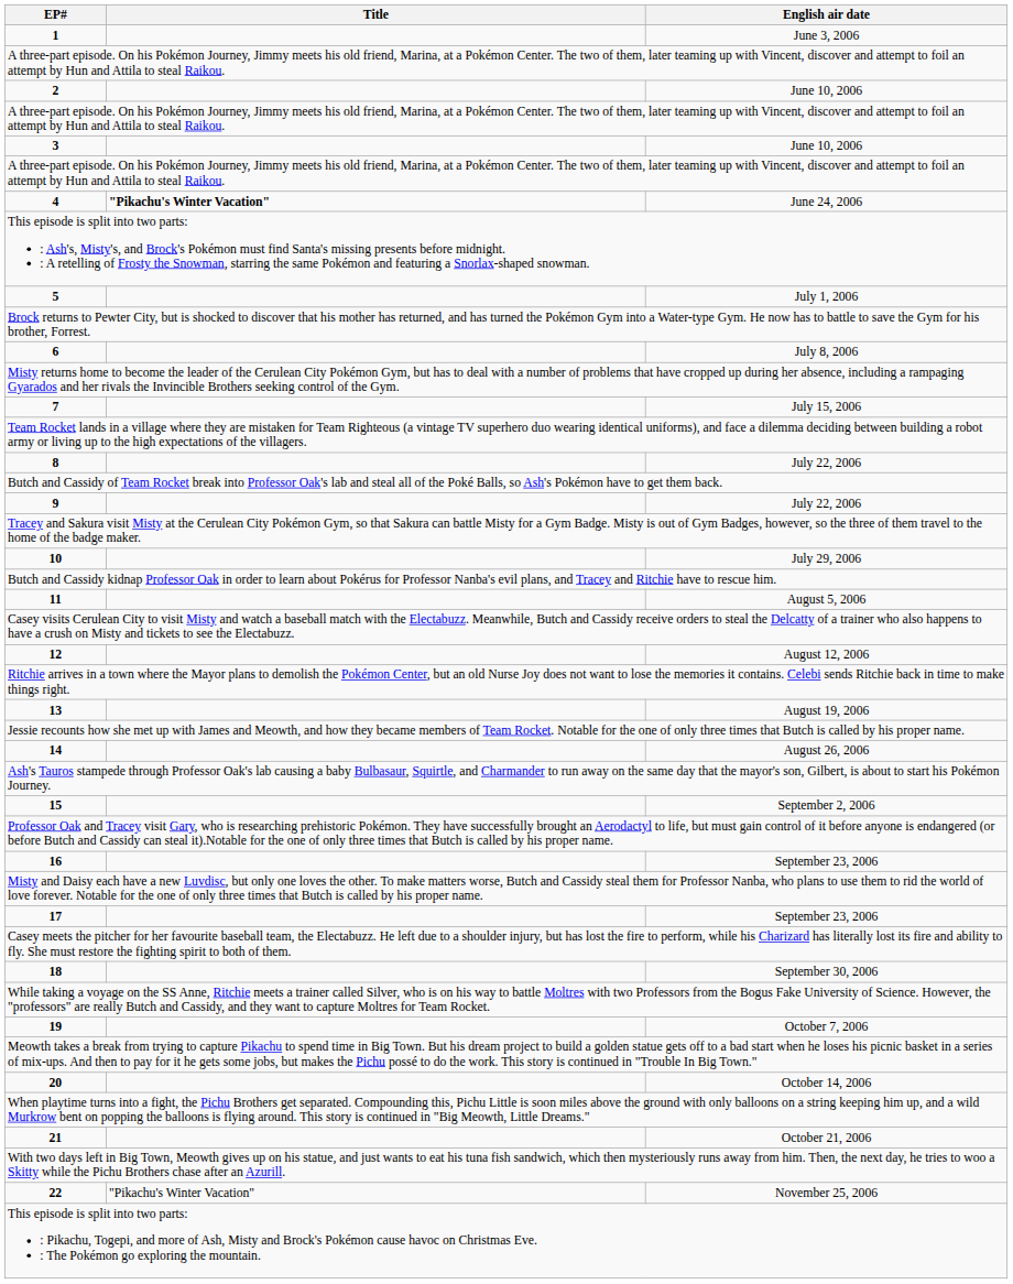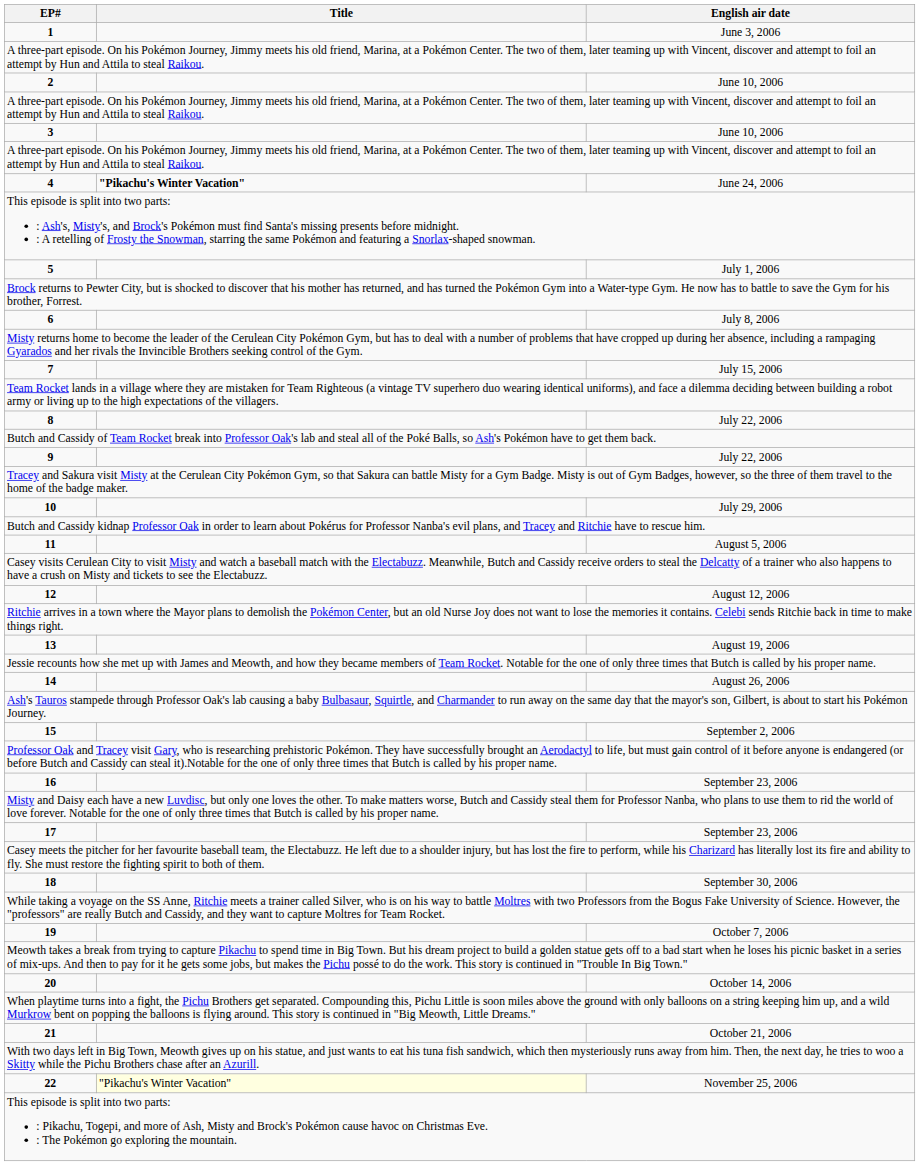 <table class="wikitable">
 <tr>
 <th>EP#</th>
 <th>Title</th>
 <th>English air date</th>
 </tr>
 <tr>
 <td style="text-align:center;"><strong>1</strong></td>
 <td></td>
 <td style="text-align:center;">June 3, 2006</td>
 </tr>
 <tr>
 <td colspan="3">A three-part episode. On his Pokémon Journey, Jimmy meets his old friend, Marina, at a Pokémon Center. The two of them, later teaming up with Vincent, discover and attempt to foil an attempt by Hun and Attila to steal <a href='#'>Raikou</a>.</td>
 </tr>
 <tr>
 <td style="text-align:center;"><strong>2</strong></td>
 <td></td>
 <td style="text-align:center;">June 10, 2006</td>
 </tr>
 <tr>
 <td colspan="3">A three-part episode. On his Pokémon Journey, Jimmy meets his old friend, Marina, at a Pokémon Center. The two of them, later teaming up with Vincent, discover and attempt to foil an attempt by Hun and Attila to steal <a href='#'>Raikou</a>.</td>
 </tr>
 <tr>
 <td style="text-align:center;"><strong>3</strong></td>
 <td></td>
 <td style="text-align:center;">June 10, 2006</td>
 </tr>
 <tr>
 <td colspan="3">A three-part episode. On his Pokémon Journey, Jimmy meets his old friend, Marina, at a Pokémon Center. The two of them, later teaming up with Vincent, discover and attempt to foil an attempt by Hun and Attila to steal <a href='#'>Raikou</a>.</td>
 </tr>
 <tr>
 <td style="text-align:center;"><strong>4</strong></td>
 <td><strong>"Pikachu's Winter Vacation"</strong></td>
 <td style="text-align:center;">June 24, 2006</td>
 </tr>
 <tr>
 <td colspan="3">This episode is split into two parts:<br><ul><li>: <a href='#'>Ash</a>'s, <a href='#'>Misty</a>'s, and <a href='#'>Brock</a>'s Pokémon must find Santa's missing presents before midnight.</li><li>: A retelling of <a href='#'>Frosty the Snowman</a>, starring the same Pokémon and featuring a <a href='#'>Snorlax</a>-shaped snowman.</li></ul></td>
 </tr>
 <tr>
 <td style="text-align:center;"><strong>5</strong></td>
 <td></td>
 <td style="text-align:center;">July 1, 2006</td>
 </tr>
 <tr>
 <td colspan="3"><a href='#'>Brock</a> returns to Pewter City, but is shocked to discover that his mother has returned, and has turned the Pokémon Gym into a Water-type Gym. He now has to battle to save the Gym for his brother, Forrest.</td>
 </tr>
 <tr>
 <td style="text-align:center;"><strong>6</strong></td>
 <td></td>
 <td style="text-align:center;">July 8, 2006</td>
 </tr>
 <tr>
 <td colspan="4"><a href='#'>Misty</a> returns home to become the leader of the Cerulean City Pokémon Gym, but has to deal with a number of problems that have cropped up during her absence, including a rampaging <a href='#'>Gyarados</a> and her rivals the Invincible Brothers seeking control of the Gym.</td>
 </tr>
 <tr>
 <td style="text-align:center;"><strong>7</strong></td>
 <td></td>
 <td style="text-align:center;">July 15, 2006</td>
 </tr>
 <tr>
 <td colspan="4"><a href='#'>Team Rocket</a> lands in a village where they are mistaken for Team Righteous (a vintage TV superhero duo wearing identical uniforms), and face a dilemma deciding between building a robot army or living up to the high expectations of the villagers.</td>
 </tr>
 <tr>
 <td style="text-align:center;"><strong>8</strong></td>
 <td></td>
 <td style="text-align:center;">July 22, 2006</td>
 </tr>
 <tr>
 <td colspan="4">Butch and Cassidy of <a href='#'>Team Rocket</a> break into <a href='#'>Professor Oak</a>'s lab and steal all of the Poké Balls, so <a href='#'>Ash</a>'s Pokémon have to get them back.</td>
 </tr>
 <tr>
 <td style="text-align:center;"><strong>9</strong></td>
 <td></td>
 <td style="text-align:center;">July 22, 2006</td>
 </tr>
 <tr>
 <td colspan="3"><a href='#'>Tracey</a> and Sakura visit <a href='#'>Misty</a> at the Cerulean City Pokémon Gym, so that Sakura can battle Misty for a Gym Badge. Misty is out of Gym Badges, however, so the three of them travel to the home of the badge maker.</td>
 </tr>
 <tr>
 <td style="text-align:center;"><strong>10</strong></td>
 <td></td>
 <td style="text-align:center;">July 29, 2006</td>
 </tr>
 <tr>
 <td colspan="3">Butch and Cassidy kidnap <a href='#'>Professor Oak</a> in order to learn about Pokérus for Professor Nanba's evil plans, and <a href='#'>Tracey</a> and <a href='#'>Ritchie</a> have to rescue him.</td>
 </tr>
 <tr>
 <td style="text-align:center;"><strong>11</strong></td>
 <td></td>
 <td style="text-align:center;">August 5, 2006</td>
 </tr>
 <tr>
 <td colspan="3">Casey visits Cerulean City to visit <a href='#'>Misty</a> and watch a baseball match with the <a href='#'>Electabuzz</a>. Meanwhile, Butch and Cassidy receive orders to steal the <a href='#'>Delcatty</a> of a trainer who also happens to have a crush on Misty and tickets to see the Electabuzz.</td>
 </tr>
 <tr>
 <td style="text-align:center;"><strong>12</strong></td>
 <td></td>
 <td style="text-align:center;">August 12, 2006</td>
 </tr>
 <tr>
 <td colspan="3"><a href='#'>Ritchie</a> arrives in a town where the Mayor plans to demolish the <a href='#'>Pokémon Center</a>, but an old Nurse Joy does not want to lose the memories it contains. <a href='#'>Celebi</a> sends Ritchie back in time to make things right.</td>
 </tr>
 <tr>
 <td style="text-align:center;"><strong>13</strong></td>
 <td></td>
 <td style="text-align:center;">August 19, 2006</td>
 </tr>
 <tr>
 <td colspan="3">Jessie recounts how she met up with James and Meowth, and how they became members of <a href='#'>Team Rocket</a>. Notable for the one of only three times that Butch is called by his proper name.</td>
 </tr>
 <tr>
 <td style="text-align:center;"><strong>14</strong></td>
 <td></td>
 <td style="text-align:center;">August 26, 2006</td>
 </tr>
 <tr>
 <td colspan="3"><a href='#'>Ash</a>'s <a href='#'>Tauros</a> stampede through Professor Oak's lab causing a baby <a href='#'>Bulbasaur</a>, <a href='#'>Squirtle</a>, and <a href='#'>Charmander</a> to run away on the same day that the mayor's son, Gilbert, is about to start his Pokémon Journey.</td>
 </tr>
 <tr>
 <td style="text-align:center;"><strong>15</strong></td>
 <td></td>
 <td style="text-align:center;">September 2, 2006</td>
 </tr>
 <tr>
 <td colspan="3"><a href='#'>Professor Oak</a> and <a href='#'>Tracey</a> visit <a href='#'>Gary</a>, who is researching prehistoric Pokémon. They have successfully brought an <a href='#'>Aerodactyl</a> to life, but must gain control of it before anyone is endangered (or before Butch and Cassidy can steal it).Notable for the one of only  three times that Butch is called by his proper name.</td>
 </tr>
 <tr>
 <td style="text-align:center;"><strong>16</strong></td>
 <td></td>
 <td style="text-align:center;">September 23, 2006</td>
 </tr>
 <tr>
 <td colspan="4"><a href='#'>Misty</a> and Daisy each have a new <a href='#'>Luvdisc</a>, but only one loves the other. To make matters worse, Butch and Cassidy steal them for Professor Nanba, who plans to use them to rid the world of love forever. Notable for the one of only three times that Butch is called by his proper name.</td>
 </tr>
 <tr>
 <td style="text-align:center;"><strong>17</strong></td>
 <td></td>
 <td style="text-align:center;">September 23, 2006</td>
 </tr>
 <tr>
 <td colspan="4">Casey meets the pitcher for her favourite baseball team, the Electabuzz. He left due to a shoulder injury, but has lost the fire to perform, while his <a href='#'>Charizard</a> has literally lost its fire and ability to fly. She must restore the fighting spirit to both of them.</td>
 </tr>
 <tr>
 <td style="text-align:center;"><strong>18</strong></td>
 <td></td>
 <td style="text-align:center;">September 30, 2006</td>
 </tr>
 <tr>
 <td colspan="4">While taking a voyage on the SS Anne, <a href='#'>Ritchie</a> meets a trainer called Silver, who is on his way to battle <a href='#'>Moltres</a> with two Professors from the Bogus Fake University of Science. However, the "professors" are really Butch and Cassidy, and they want to capture Moltres for Team Rocket.</td>
 </tr>
 <tr>
 <td style="text-align:center;"><strong>19</strong></td>
 <td></td>
 <td style="text-align:center;">October 7, 2006</td>
 </tr>
 <tr>
 <td colspan="3">Meowth takes a break from trying to capture <a href='#'>Pikachu</a> to spend time in Big Town. But his dream project to build a golden statue gets off to a bad start when he loses his picnic basket in a series of mix-ups. And then to pay for it he gets some jobs, but makes the <a href='#'>Pichu</a> possé to do the work. This story is continued in "Trouble In Big Town."</td>
 </tr>
 <tr>
 <td style="text-align:center;"><strong>20</strong></td>
 <td></td>
 <td style="text-align:center;">October 14, 2006</td>
 </tr>
 <tr>
 <td colspan="3">When playtime turns into a fight, the <a href='#'>Pichu</a> Brothers get separated. Compounding this, Pichu Little is soon miles above the ground with only balloons on a string keeping him up, and a wild <a href='#'>Murkrow</a> bent on popping the balloons is flying around. This story is continued in "Big Meowth, Little Dreams."</td>
 </tr>
 <tr>
 <td style="text-align:center;"><strong>21</strong></td>
 <td></td>
 <td style="text-align:center;">October 21, 2006</td>
 </tr>
 <tr>
 <td colspan="3">With two days left in Big Town, Meowth gives up on his statue, and just wants to eat his tuna fish sandwich, which then mysteriously runs away from him. Then, the next day, he tries to woo a <a href='#'>Skitty</a> while the Pichu Brothers chase after an <a href='#'>Azurill</a>.</td>
 </tr>
 <tr>
 <td style="text-align:center;"><strong>22</strong></td>
-<td>"Pikachu's Winter Vacation"</td>
+<td style="background: lightyellow;">"Pikachu's Winter Vacation"</td>
 <td style="text-align:center;">November 25, 2006</td>
 </tr>
 <tr>
 <td colspan="3">This episode is split into two parts:<br><ul><li>: Pikachu, Togepi, and more of Ash, Misty and Brock's Pokémon cause havoc on Christmas Eve.</li><li>: The Pokémon go exploring the mountain.</li></ul></td>
 </tr>
 </table>
